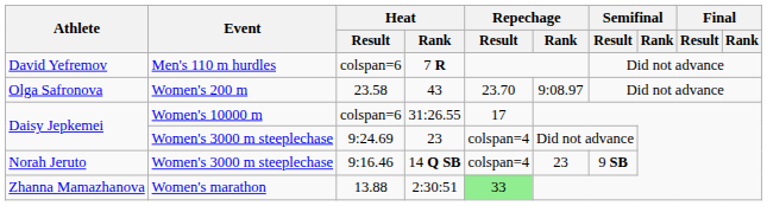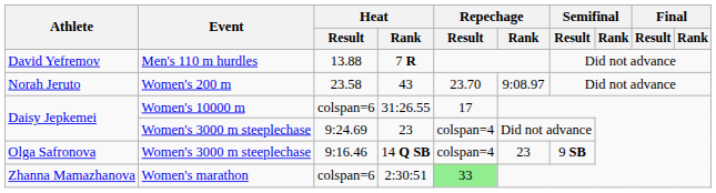 <table class="wikitable" style="font-size:90%">
 <tr>
 <th rowspan="2">Athlete</th>
 <th rowspan="2">Event</th>
 <th colspan="2">Heat</th>
 <th colspan="2">Repechage</th>
 <th colspan="2">Semifinal</th>
 <th colspan="2">Final</th>
 </tr>
 <tr style="font-size:95%">
 <th>Result</th>
 <th>Rank</th>
 <th>Result</th>
 <th>Rank</th>
 <th>Result</th>
 <th>Rank</th>
 <th>Result</th>
 <th>Rank</th>
 </tr>
 <tr align=center>
 <td align=left><a href='#'>David Yefremov</a></td>
 <td align=left><a href='#'>Men's 110 m hurdles</a></td>
-<td>colspan=6 </td>
+<td>13.88</td>
 <td>7 <strong>R</strong></td>
 <td colspan="2"></td>
 <td colspan="4" align="center">Did not advance</td>
 </tr>
 <tr align=center>
-<td align=left><a href='#'>Olga Safronova</a></td>
+<td align=left><a href='#'>Norah Jeruto</a></td>
 <td align=left><a href='#'>Women's 200 m</a></td>
 <td>23.58</td>
 <td>43</td>
 <td>23.70</td>
 <td>9:08.97</td>
 <td colspan="4" align="center">Did not advance</td>
 </tr>
 <tr align=center>
 <td align=left rowspan=2><a href='#'>Daisy Jepkemei</a></td>
 <td align=left><a href='#'>Women's 10000 m</a></td>
 <td>colspan=6 </td>
 <td>31:26.55</td>
 <td>17</td>
 </tr>
 <tr align=center>
 <td align=left><a href='#'>Women's 3000 m steeplechase</a></td>
 <td>9:24.69</td>
 <td>23</td>
 <td>colspan=4 </td>
 <td colspan="2" align="center">Did not advance</td>
 </tr>
 <tr align=center>
-<td align=left><a href='#'>Norah Jeruto</a></td>
+<td align=left><a href='#'>Olga Safronova</a></td>
 <td align=left><a href='#'>Women's 3000 m steeplechase</a></td>
 <td>9:16.46</td>
 <td>14 <strong>Q</strong> <strong>SB</strong></td>
 <td>colspan=4 </td>
 <td>23</td>
 <td>9 <strong>SB</strong></td>
 </tr>
 <tr align=center>
 <td align=left><a href='#'>Zhanna Mamazhanova</a></td>
 <td align=left><a href='#'>Women's marathon</a></td>
-<td>13.88</td>
+<td>colspan=6 </td>
 <td>2:30:51</td>
 <td style="background: lightgreen;">33</td>
 </tr>
 </table>
